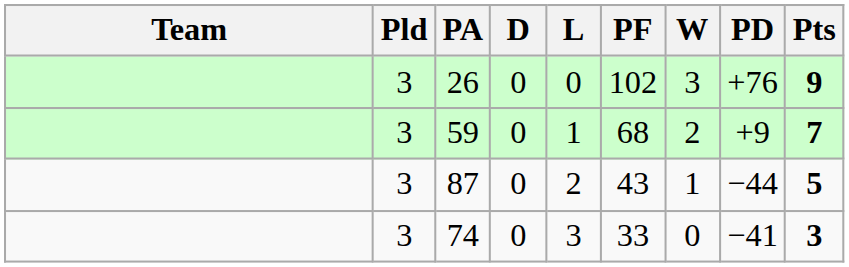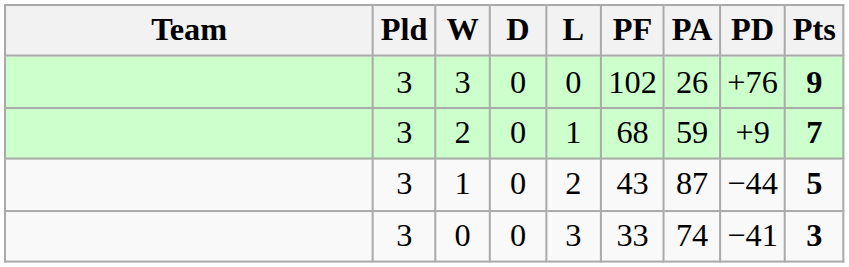 <table class="wikitable" style="text-align:center;">
 <tr>
 <th width=175>Team</th>
 <th width=20 abbr="Played">Pld</th>
-<th width=20 abbr="Points against">PA</th>
+<th width=20 abbr="Won">W</th>
 <th width=20 abbr="Drawn">D</th>
 <th width=20 abbr="Lost">L</th>
 <th width=20 abbr="Points for">PF</th>
-<th width=20 abbr="Won">W</th>
+<th width=20 abbr="Points against">PA</th>
 <th width=25 abbr="Points difference">PD</th>
 <th width=20 abbr="Points">Pts</th>
 </tr>
 <tr bgcolor=ccffcc>
 <td align=left></td>
 <td>3</td>
-<td>26</td>
+<td>3</td>
 <td>0</td>
 <td>0</td>
 <td>102</td>
-<td>3</td>
+<td>26</td>
 <td>+76</td>
 <td><strong>9</strong></td>
 </tr>
 <tr bgcolor=ccffcc>
 <td align=left></td>
 <td>3</td>
-<td>59</td>
+<td>2</td>
 <td>0</td>
 <td>1</td>
 <td>68</td>
-<td>2</td>
+<td>59</td>
 <td>+9</td>
 <td><strong>7</strong></td>
 </tr>
 <tr>
 <td align=left></td>
 <td>3</td>
-<td>87</td>
+<td>1</td>
 <td>0</td>
 <td>2</td>
 <td>43</td>
-<td>1</td>
+<td>87</td>
 <td>−44</td>
 <td><strong>5</strong></td>
 </tr>
 <tr>
 <td align=left></td>
 <td>3</td>
-<td>74</td>
+<td>0</td>
 <td>0</td>
 <td>3</td>
 <td>33</td>
-<td>0</td>
+<td>74</td>
 <td>−41</td>
 <td><strong>3</strong></td>
 </tr>
 </table>
